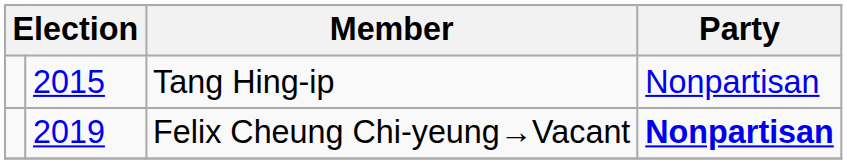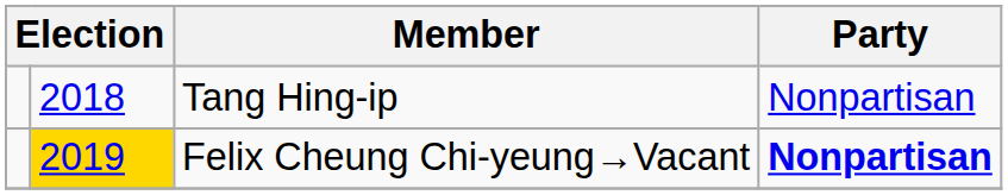 <table class="wikitable">
 <tr>
 <th colspan="2">Election</th>
 <th>Member</th>
 <th>Party</th>
 </tr>
 <tr>
 <td style="background-color: "></td>
-<td><a href='#'>2015</a></td>
+<td><a href='#'>2018</a></td>
 <td>Tang Hing-ip</td>
 <td><a href='#'>Nonpartisan</a></td>
 </tr>
 <tr>
 <td style="background-color: "></td>
-<td><a href='#'>2019</a></td>
+<td style="background: gold;"><a href='#'>2019</a></td>
 <td>Felix Cheung Chi-yeung→Vacant</td>
 <td><strong><a href='#'>Nonpartisan</a></strong></td>
 </tr>
 <tr>
 </tr>
 </table>
